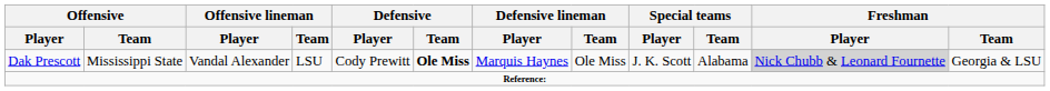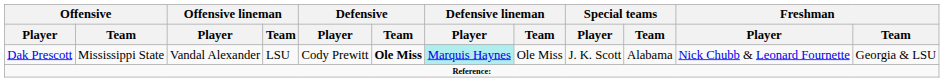 <table class="wikitable" border="1">
 <tr>
 <th colspan="2">Offensive</th>
 <th colspan="2">Offensive lineman</th>
 <th colspan="2">Defensive</th>
 <th colspan="2">Defensive lineman</th>
 <th colspan="2">Special teams</th>
 <th colspan="2">Freshman</th>
 </tr>
 <tr>
 <th>Player</th>
 <th>Team</th>
 <th>Player</th>
 <th>Team</th>
 <th>Player</th>
 <th>Team</th>
 <th>Player</th>
 <th>Team</th>
 <th>Player</th>
 <th>Team</th>
 <th>Player</th>
 <th>Team</th>
 </tr>
 <tr>
 <td><a href='#'>Dak Prescott</a></td>
 <td>Mississippi State</td>
 <td>Vandal Alexander</td>
 <td>LSU</td>
 <td>Cody Prewitt</td>
 <td><strong>Ole Miss</strong></td>
-<td><a href='#'>Marquis Haynes</a></td>
+<td style="background: paleturquoise;"><a href='#'>Marquis Haynes</a></td>
 <td>Ole Miss</td>
 <td>J. K. Scott</td>
 <td>Alabama</td>
-<td style="background: lightgrey;"><a href='#'>Nick Chubb</a> & <a href='#'>Leonard Fournette</a></td>
+<td><a href='#'>Nick Chubb</a> & <a href='#'>Leonard Fournette</a></td>
 <td>Georgia & LSU</td>
 </tr>
 <tr>
 <td colspan="12" style="font-size: 8pt" align="center"><strong>Reference:</strong></td>
 </tr>
 </table>
